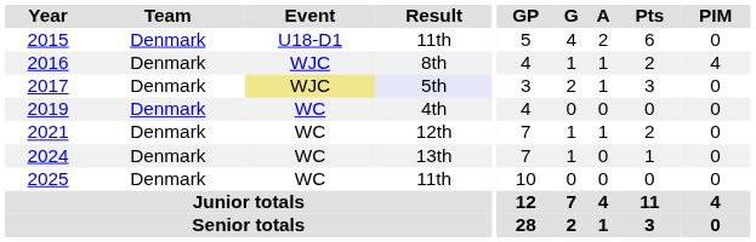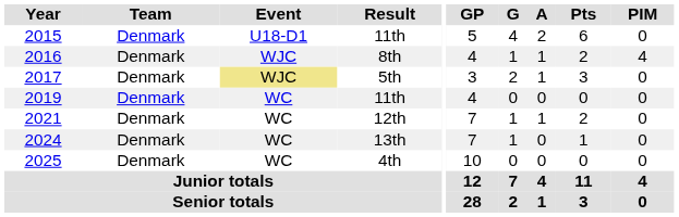 <table border="0" cellpadding="1" cellspacing="0" ID="Table3" style="text-align:center; width:40em">
 <tr ALIGN="center" bgcolor="#e0e0e0">
 <th>Year</th>
 <th>Team</th>
 <th>Event</th>
 <th>Result</th>
 <th rowspan="99" bgcolor="#fff"></th>
 <th>GP</th>
 <th>G</th>
 <th>A</th>
 <th>Pts</th>
 <th>PIM</th>
 </tr>
 <tr>
 <td><a href='#'>2015</a></td>
 <td><a href='#'>Denmark</a></td>
 <td><a href='#'>U18-D1</a></td>
 <td>11th</td>
 <td>5</td>
 <td>4</td>
 <td>2</td>
 <td>6</td>
 <td>0</td>
 </tr>
 <tr bgcolor="#f0f0f0">
 <td><a href='#'>2016</a></td>
 <td>Denmark</td>
 <td><a href='#'>WJC</a></td>
 <td>8th</td>
 <td>4</td>
 <td>1</td>
 <td>1</td>
 <td>2</td>
 <td>4</td>
 </tr>
 <tr>
 <td><a href='#'>2017</a></td>
 <td>Denmark</td>
 <td style="background: khaki;">WJC</td>
-<td style="background: lavender;">5th</td>
+<td>5th</td>
 <td>3</td>
 <td>2</td>
 <td>1</td>
 <td>3</td>
 <td>0</td>
 </tr>
 <tr bgcolor="#f0f0f0">
 <td><a href='#'>2019</a></td>
 <td><a href='#'>Denmark</a></td>
 <td><a href='#'>WC</a></td>
-<td>4th</td>
+<td>11th</td>
 <td>4</td>
 <td>0</td>
 <td>0</td>
 <td>0</td>
 <td>0</td>
 </tr>
 <tr>
 <td><a href='#'>2021</a></td>
 <td>Denmark</td>
 <td>WC</td>
 <td>12th</td>
 <td>7</td>
 <td>1</td>
 <td>1</td>
 <td>2</td>
 <td>0</td>
 </tr>
 <tr bgcolor="#f0f0f0">
 <td><a href='#'>2024</a></td>
 <td>Denmark</td>
 <td>WC</td>
 <td>13th</td>
 <td>7</td>
 <td>1</td>
 <td>0</td>
 <td>1</td>
 <td>0</td>
 </tr>
 <tr>
 <td><a href='#'>2025</a></td>
 <td>Denmark</td>
 <td>WC</td>
-<td>11th</td>
+<td>4th</td>
 <td>10</td>
 <td>0</td>
 <td>0</td>
 <td>0</td>
 <td>0</td>
 </tr>
 <tr bgcolor="#e0e0e0">
 <th colspan="4">Junior totals</th>
 <th>12</th>
 <th>7</th>
 <th>4</th>
 <th>11</th>
 <th>4</th>
 </tr>
 <tr bgcolor="#e0e0e0">
 <th colspan="4">Senior totals</th>
 <th>28</th>
 <th>2</th>
 <th>1</th>
 <th>3</th>
 <th>0</th>
 </tr>
 </table>
